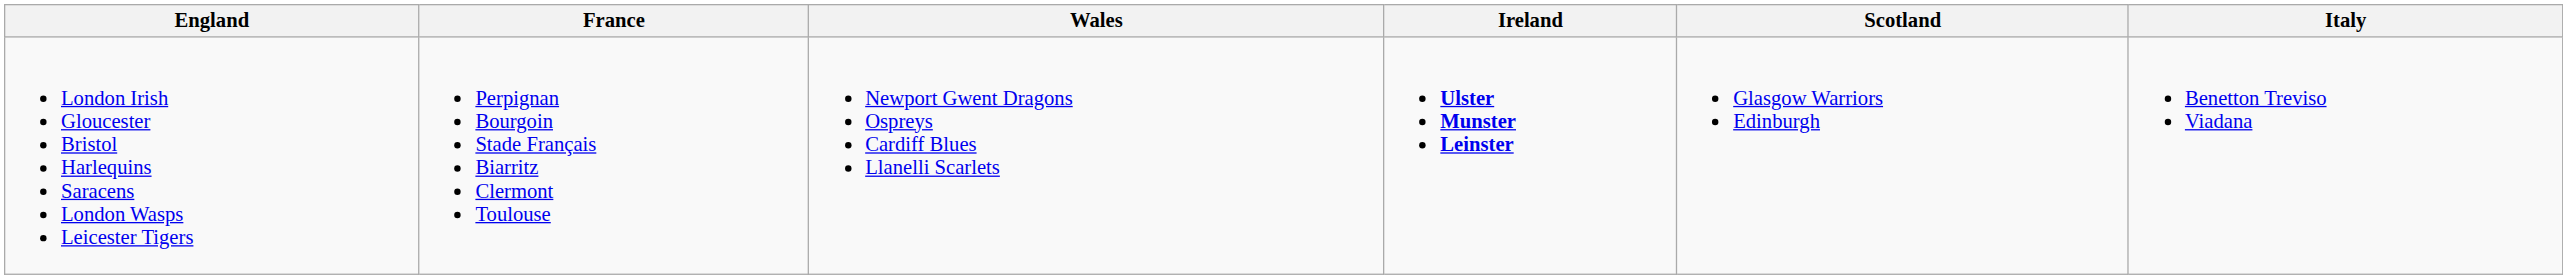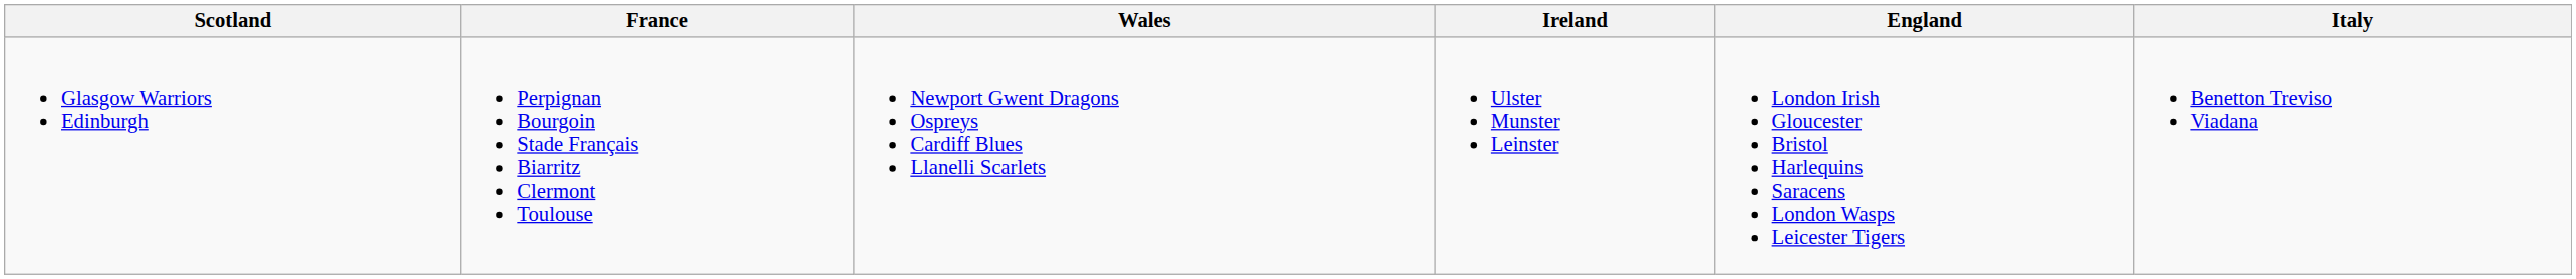 <table class="wikitable" width=100%>
 <tr>
-<th>England</th>
+<th>Scotland</th>
 <th>France</th>
 <th>Wales</th>
 <th>Ireland</th>
-<th>Scotland</th>
+<th>England</th>
 <th>Italy</th>
 </tr>
 <tr valign=top>
-<td><br><ul><li> <a href='#'>London Irish</a></li><li> <a href='#'>Gloucester</a></li><li> <a href='#'>Bristol</a></li><li> <a href='#'>Harlequins</a></li><li> <a href='#'>Saracens</a></li><li> <a href='#'>London Wasps</a></li><li> <a href='#'>Leicester Tigers</a></li></ul></td>
+<td><br><ul><li> <a href='#'>Glasgow Warriors</a></li><li> <a href='#'>Edinburgh</a></li></ul></td>
 <td><br><ul><li> <a href='#'>Perpignan</a></li><li> <a href='#'>Bourgoin</a></li><li> <a href='#'>Stade Français</a></li><li> <a href='#'>Biarritz</a></li><li> <a href='#'>Clermont</a></li><li> <a href='#'>Toulouse</a></li></ul></td>
 <td><br><ul><li> <a href='#'>Newport Gwent Dragons</a></li><li> <a href='#'>Ospreys</a></li><li> <a href='#'>Cardiff Blues</a></li><li> <a href='#'>Llanelli Scarlets</a></li></ul></td>
-<td><strong><br><ul><li> <a href='#'>Ulster</a></li><li> <a href='#'>Munster</a></li><li> <a href='#'>Leinster</a></li></ul></strong></td>
-<td><br><ul><li> <a href='#'>Glasgow Warriors</a></li><li> <a href='#'>Edinburgh</a></li></ul></td>
+<td><br><ul><li> <a href='#'>Ulster</a></li><li> <a href='#'>Munster</a></li><li> <a href='#'>Leinster</a></li></ul></td>
+<td><br><ul><li> <a href='#'>London Irish</a></li><li> <a href='#'>Gloucester</a></li><li> <a href='#'>Bristol</a></li><li> <a href='#'>Harlequins</a></li><li> <a href='#'>Saracens</a></li><li> <a href='#'>London Wasps</a></li><li> <a href='#'>Leicester Tigers</a></li></ul></td>
 <td><br><ul><li> <a href='#'>Benetton Treviso</a></li><li> <a href='#'>Viadana</a></li></ul></td>
 </tr>
 </table>
